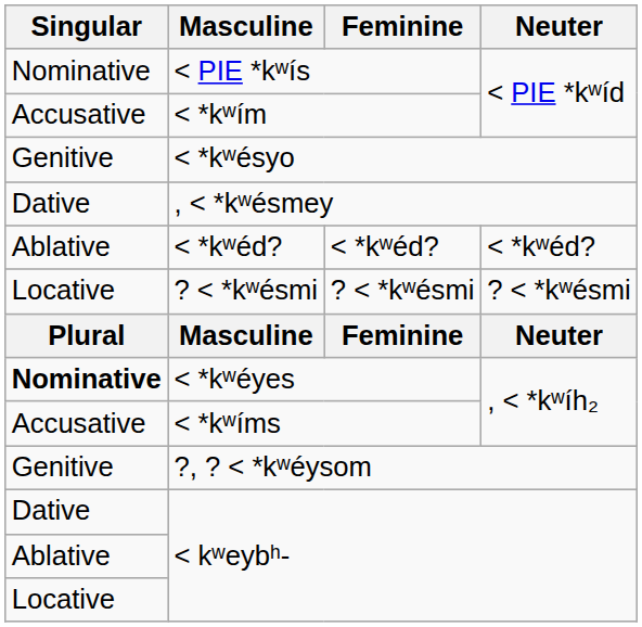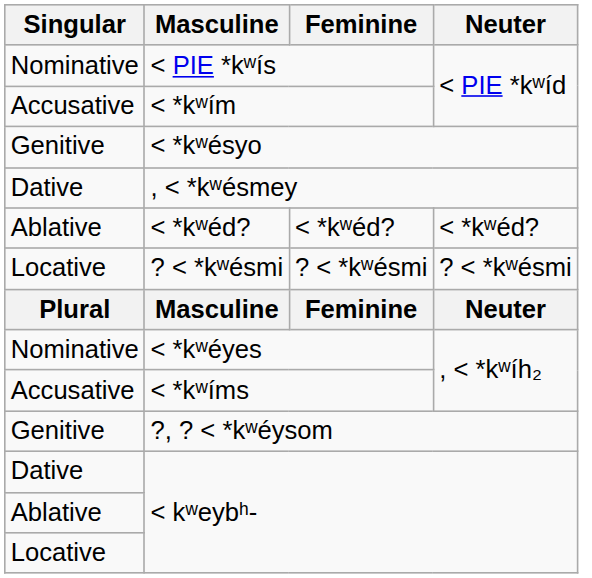 <table class="wikitable">
 <tr>
 <th>Singular</th>
 <th>Masculine</th>
 <th>Feminine</th>
 <th>Neuter</th>
 </tr>
 <tr>
 <td>Nominative</td>
 <td colspan="2"> < <a href='#'>PIE</a> *kʷís</td>
 <td rowspan="2"> < <a href='#'>PIE</a> *kʷíd</td>
 </tr>
 <tr>
 <td>Accusative</td>
 <td colspan="2"> < *kʷím</td>
 </tr>
 <tr>
 <td>Genitive</td>
 <td colspan="3"> < *kʷésyo</td>
 </tr>
 <tr>
 <td>Dative</td>
 <td colspan="3">,  < *kʷésmey</td>
 </tr>
 <tr>
 <td>Ablative</td>
 <td> < *kʷéd?</td>
 <td> < *kʷéd?</td>
 <td> < *kʷéd?</td>
 </tr>
 <tr>
 <td>Locative</td>
 <td>? < *kʷésmi</td>
 <td>? < *kʷésmi</td>
 <td>? < *kʷésmi</td>
 </tr>
 <tr>
 <th>Plural</th>
 <th>Masculine</th>
 <th>Feminine</th>
 <th>Neuter</th>
 </tr>
 <tr>
-<td><strong>Nominative</strong></td>
+<td>Nominative</td>
 <td colspan="2"> < *kʷéyes</td>
 <td rowspan="2">,  < *kʷíh₂</td>
 </tr>
 <tr>
 <td>Accusative</td>
 <td colspan="2"> < *kʷíms</td>
 </tr>
 <tr>
 <td>Genitive</td>
 <td colspan="3">?, ? < *kʷéysom</td>
 </tr>
 <tr>
 <td>Dative</td>
 <td colspan="3" rowspan="3"> < kʷeybʰ-</td>
 </tr>
 <tr>
 <td>Ablative</td>
 </tr>
 <tr>
 <td>Locative</td>
 </tr>
 </table>
